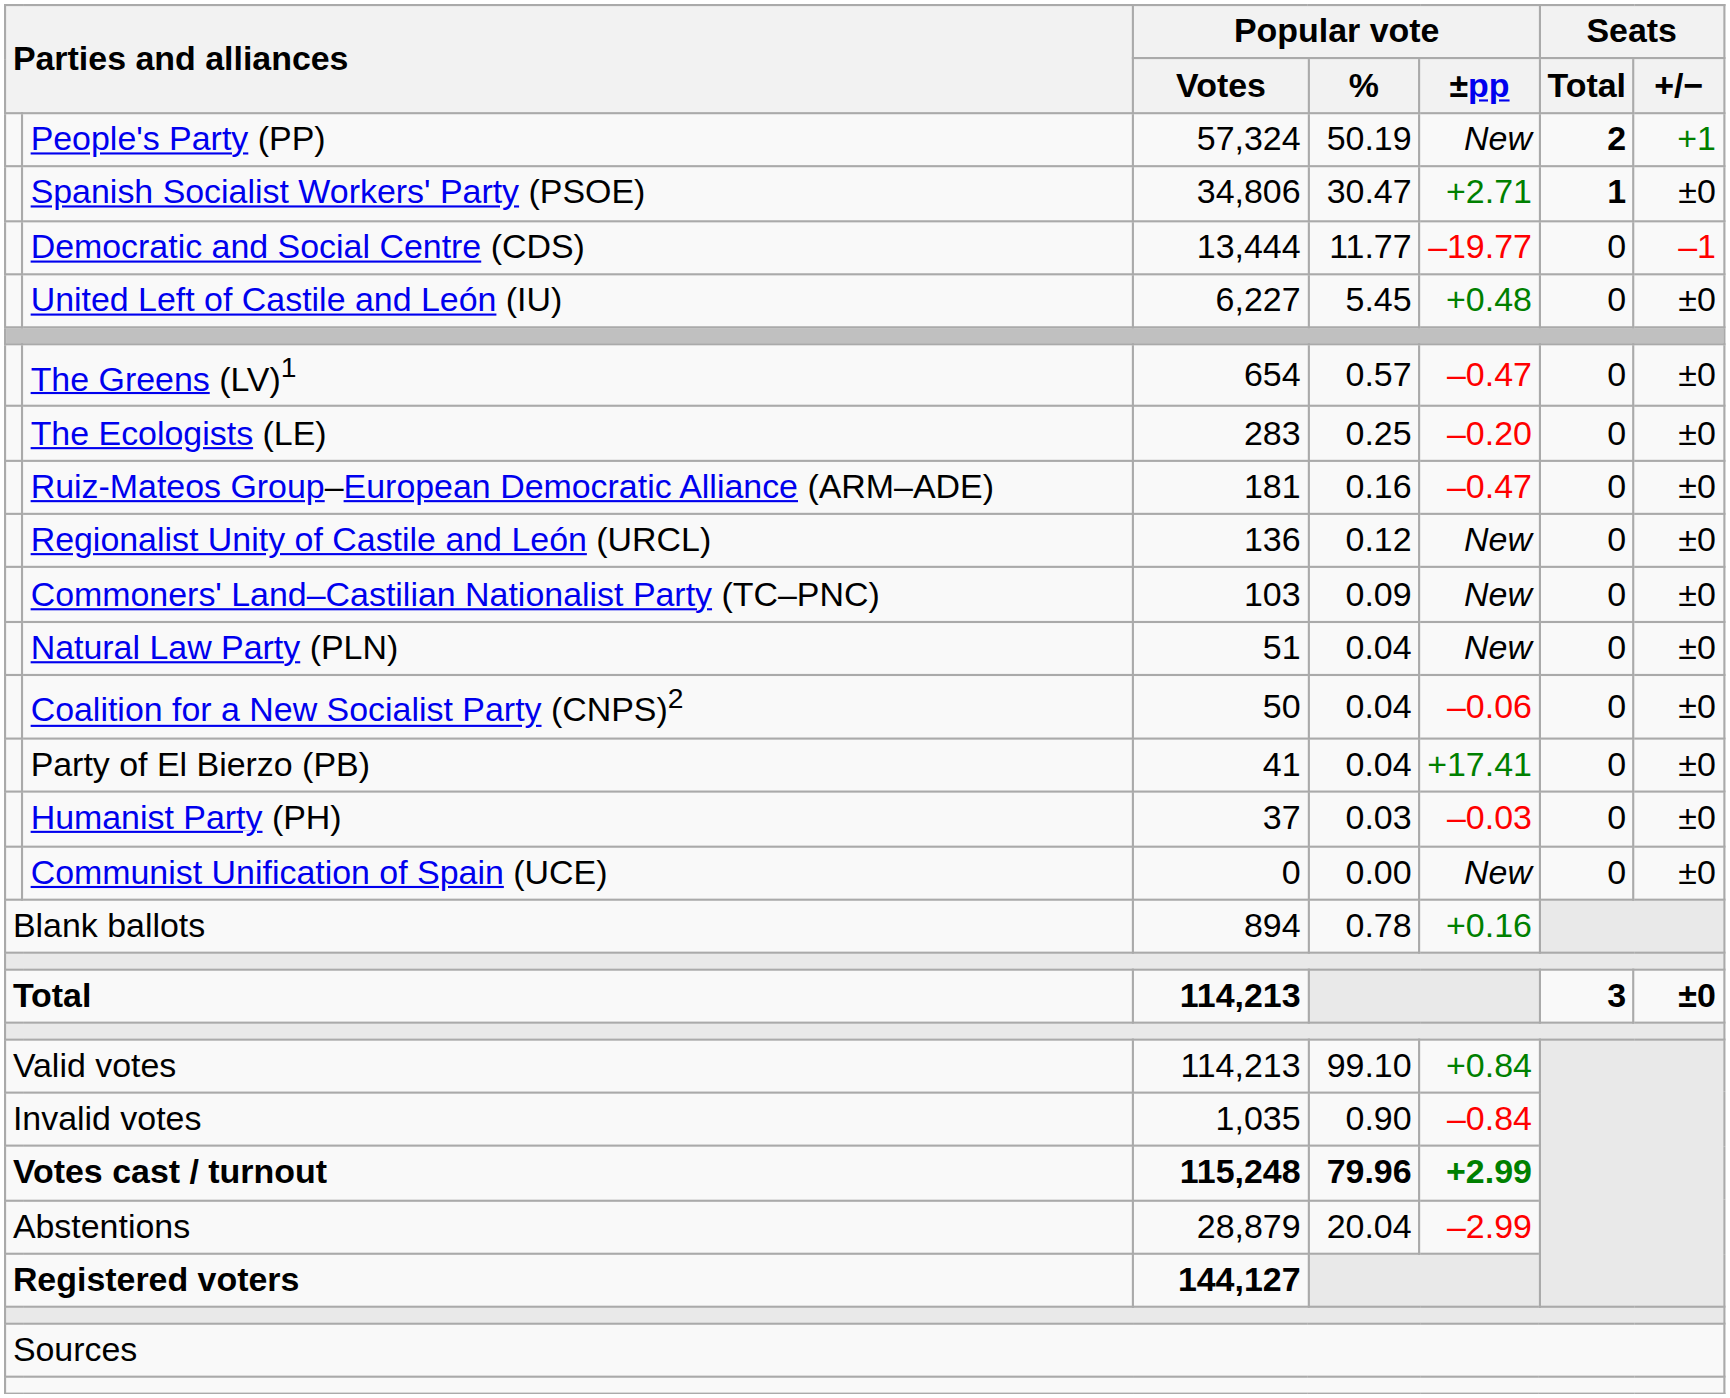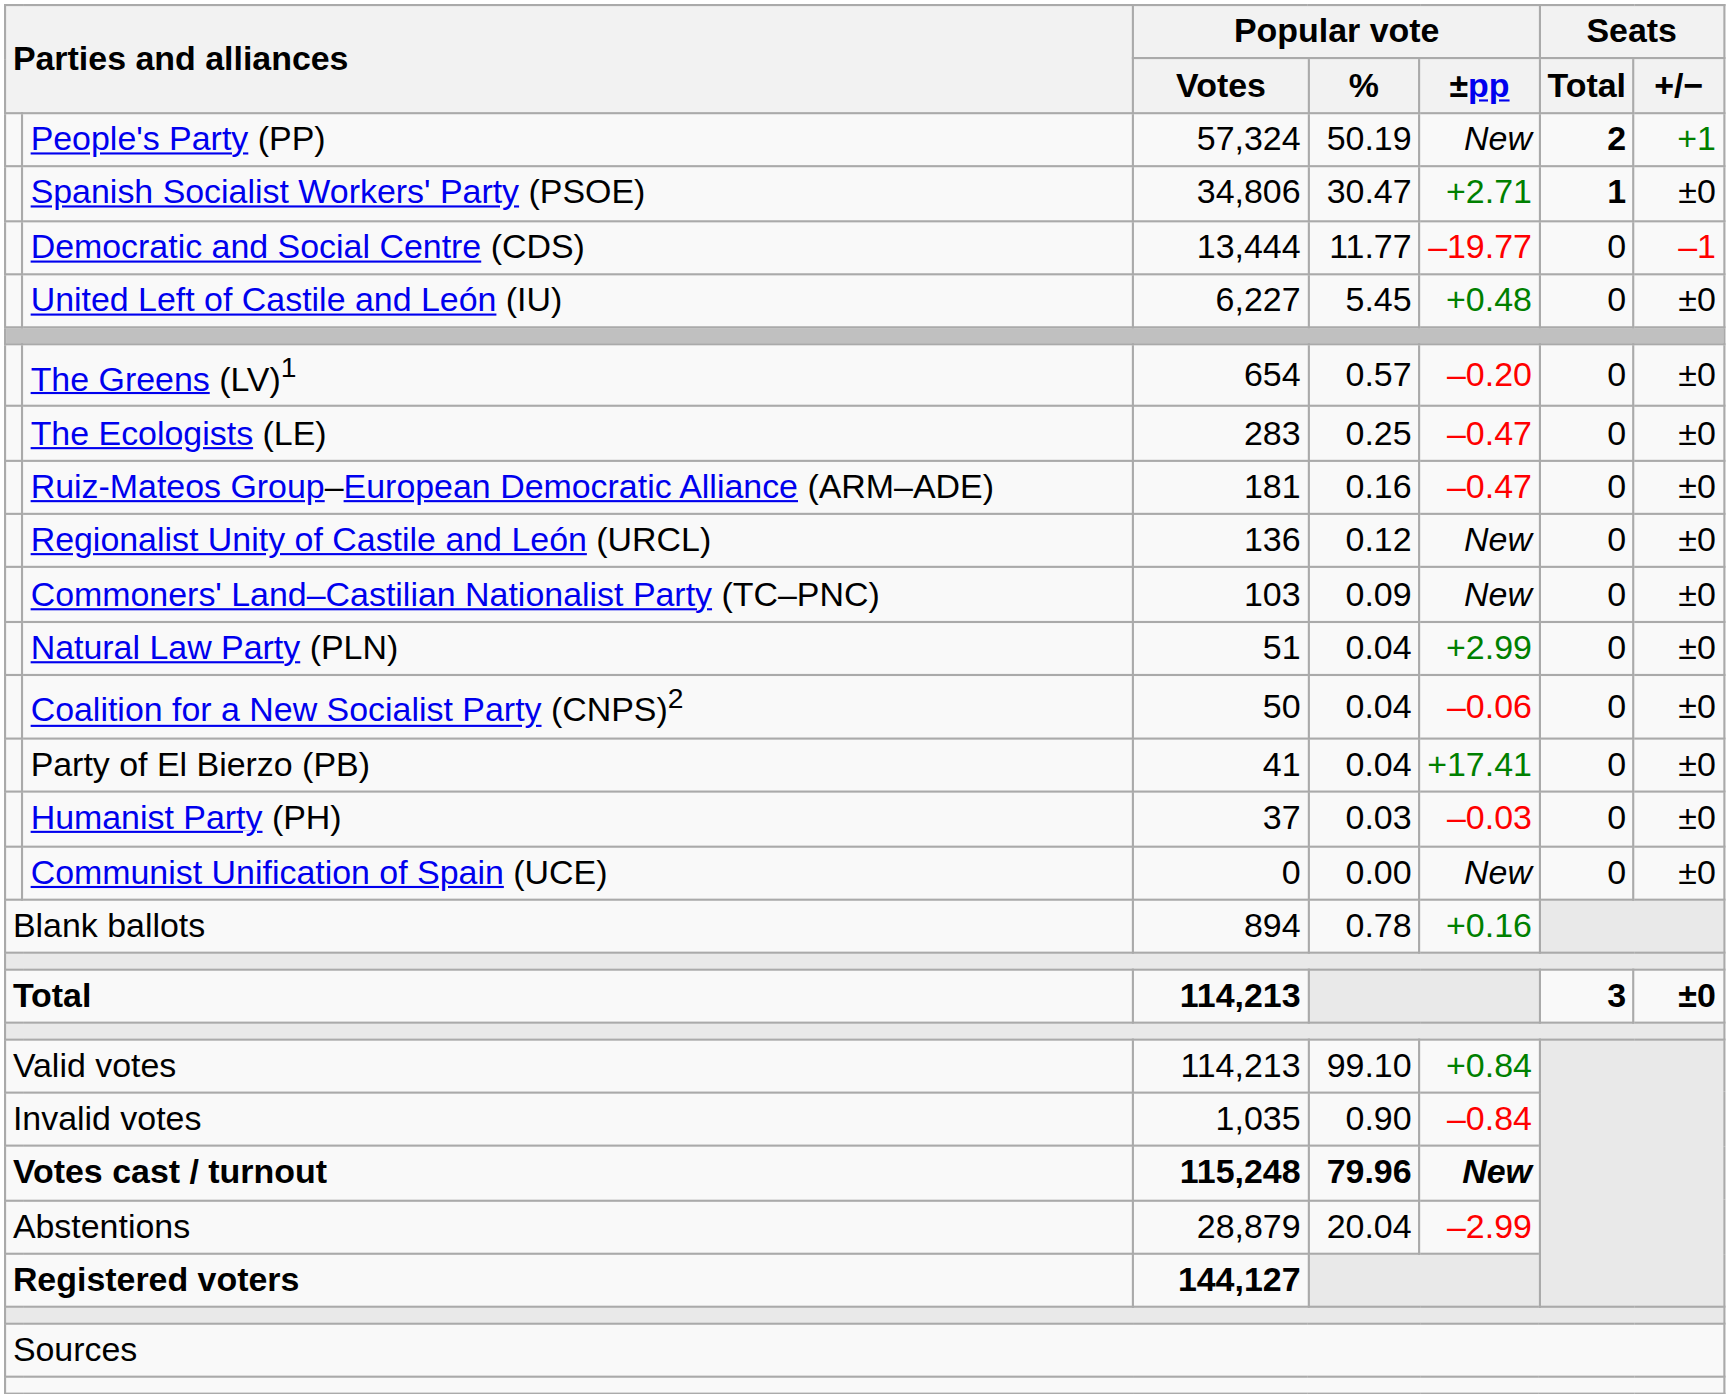 <table class="wikitable" style="text-align:right;">
 <tr>
 <th style="text-align:left;" rowspan="2" colspan="2" width="525">Parties and alliances</th>
 <th colspan="3">Popular vote</th>
 <th colspan="2">Seats</th>
 </tr>
 <tr>
 <th width="75">Votes</th>
 <th width="45">%</th>
 <th width="45">±<a href='#'>pp</a></th>
 <th width="35">Total</th>
 <th width="35">+/−</th>
 </tr>
 <tr>
 <td width="1" style="color:inherit;background:"></td>
 <td align="left"><a href='#'>People's Party</a> (PP)</td>
 <td>57,324</td>
 <td>50.19</td>
 <td><em>New</em></td>
 <td><strong>2</strong></td>
 <td style="color:green;">+1</td>
 </tr>
 <tr>
 <td style="color:inherit;background:"></td>
 <td align="left"><a href='#'>Spanish Socialist Workers' Party</a> (PSOE)</td>
 <td>34,806</td>
 <td>30.47</td>
 <td style="color:green;">+2.71</td>
 <td><strong>1</strong></td>
 <td>±0</td>
 </tr>
 <tr>
 <td style="color:inherit;background:"></td>
 <td align="left"><a href='#'>Democratic and Social Centre</a> (CDS)</td>
 <td>13,444</td>
 <td>11.77</td>
 <td style="color:red;">–19.77</td>
 <td>0</td>
 <td style="color:red;">–1</td>
 </tr>
 <tr>
 <td style="color:inherit;background:"></td>
 <td align="left"><a href='#'>United Left of Castile and León</a> (IU)</td>
 <td>6,227</td>
 <td>5.45</td>
 <td style="color:green;">+0.48</td>
 <td>0</td>
 <td>±0</td>
 </tr>
 <tr>
 <td colspan="7" bgcolor="#C0C0C0"></td>
 </tr>
 <tr>
 <td style="color:inherit;background:"></td>
 <td align="left"><a href='#'>The Greens</a> (LV)<sup>1</sup></td>
 <td>654</td>
 <td>0.57</td>
-<td style="color:red;">–0.47</td>
+<td style="color:red;">–0.20</td>
 <td>0</td>
 <td>±0</td>
 </tr>
 <tr>
 <td style="color:inherit;background:"></td>
 <td align="left"><a href='#'>The Ecologists</a> (LE)</td>
 <td>283</td>
 <td>0.25</td>
-<td style="color:red;">–0.20</td>
+<td style="color:red;">–0.47</td>
 <td>0</td>
 <td>±0</td>
 </tr>
 <tr>
 <td style="color:inherit;background:"></td>
 <td align="left"><a href='#'>Ruiz-Mateos Group</a>–<a href='#'>European Democratic Alliance</a> (ARM–ADE)</td>
 <td>181</td>
 <td>0.16</td>
 <td style="color:red;">–0.47</td>
 <td>0</td>
 <td>±0</td>
 </tr>
 <tr>
 <td style="color:inherit;background:"></td>
 <td align="left"><a href='#'>Regionalist Unity of Castile and León</a> (URCL)</td>
 <td>136</td>
 <td>0.12</td>
 <td><em>New</em></td>
 <td>0</td>
 <td>±0</td>
 </tr>
 <tr>
 <td style="color:inherit;background:"></td>
 <td align="left"><a href='#'>Commoners' Land–Castilian Nationalist Party</a> (TC–PNC)</td>
 <td>103</td>
 <td>0.09</td>
 <td><em>New</em></td>
 <td>0</td>
 <td>±0</td>
 </tr>
 <tr>
 <td style="color:inherit;background:"></td>
 <td align="left"><a href='#'>Natural Law Party</a> (PLN)</td>
 <td>51</td>
 <td>0.04</td>
-<td><em>New</em></td>
+<td style="color:green;">+2.99</td>
 <td>0</td>
 <td>±0</td>
 </tr>
 <tr>
 <td style="color:inherit;background:"></td>
 <td align="left"><a href='#'>Coalition for a New Socialist Party</a> (CNPS)<sup>2</sup></td>
 <td>50</td>
 <td>0.04</td>
 <td style="color:red;">–0.06</td>
 <td>0</td>
 <td>±0</td>
 </tr>
 <tr>
 <td style="color:inherit;background:"></td>
 <td align="left">Party of El Bierzo (PB)</td>
 <td>41</td>
 <td>0.04</td>
 <td style="color:green;">+17.41</td>
 <td>0</td>
 <td>±0</td>
 </tr>
 <tr>
 <td style="color:inherit;background:"></td>
 <td align="left"><a href='#'>Humanist Party</a> (PH)</td>
 <td>37</td>
 <td>0.03</td>
 <td style="color:red;">–0.03</td>
 <td>0</td>
 <td>±0</td>
 </tr>
 <tr>
 <td style="color:inherit;background:"></td>
 <td align="left"><a href='#'>Communist Unification of Spain</a> (UCE)</td>
 <td>0</td>
 <td>0.00</td>
 <td><em>New</em></td>
 <td>0</td>
 <td>±0</td>
 </tr>
 <tr>
 <td align="left" colspan="2">Blank ballots</td>
 <td>894</td>
 <td>0.78</td>
 <td style="color:green;">+0.16</td>
 <td bgcolor="#E9E9E9" colspan="2"></td>
 </tr>
 <tr>
 <td colspan="7" bgcolor="#E9E9E9"></td>
 </tr>
 <tr style="font-weight:bold;">
 <td align="left" colspan="2">Total</td>
 <td>114,213</td>
 <td bgcolor="#E9E9E9" colspan="2"></td>
 <td>3</td>
 <td>±0</td>
 </tr>
 <tr>
 <td colspan="7" bgcolor="#E9E9E9"></td>
 </tr>
 <tr>
 <td align="left" colspan="2">Valid votes</td>
 <td>114,213</td>
 <td>99.10</td>
 <td style="color:green;">+0.84</td>
 <td bgcolor="#E9E9E9" colspan="2" rowspan="5"></td>
 </tr>
 <tr>
 <td align="left" colspan="2">Invalid votes</td>
 <td>1,035</td>
 <td>0.90</td>
 <td style="color:red;">–0.84</td>
 </tr>
 <tr style="font-weight:bold;">
 <td align="left" colspan="2">Votes cast / turnout</td>
 <td>115,248</td>
 <td>79.96</td>
-<td style="color:green;">+2.99</td>
+<td><em>New</em></td>
 </tr>
 <tr>
 <td align="left" colspan="2">Abstentions</td>
 <td>28,879</td>
 <td>20.04</td>
 <td style="color:red;">–2.99</td>
 </tr>
 <tr style="font-weight:bold;">
 <td align="left" colspan="2">Registered voters</td>
 <td>144,127</td>
 <td bgcolor="#E9E9E9" colspan="2"></td>
 </tr>
 <tr>
 <td colspan="7" bgcolor="#E9E9E9"></td>
 </tr>
 <tr>
 <td align="left" colspan="7">Sources</td>
 </tr>
 <tr>
 <td colspan="7" style="text-align:left; max-width:790px;"></td>
 </tr>
 </table>
